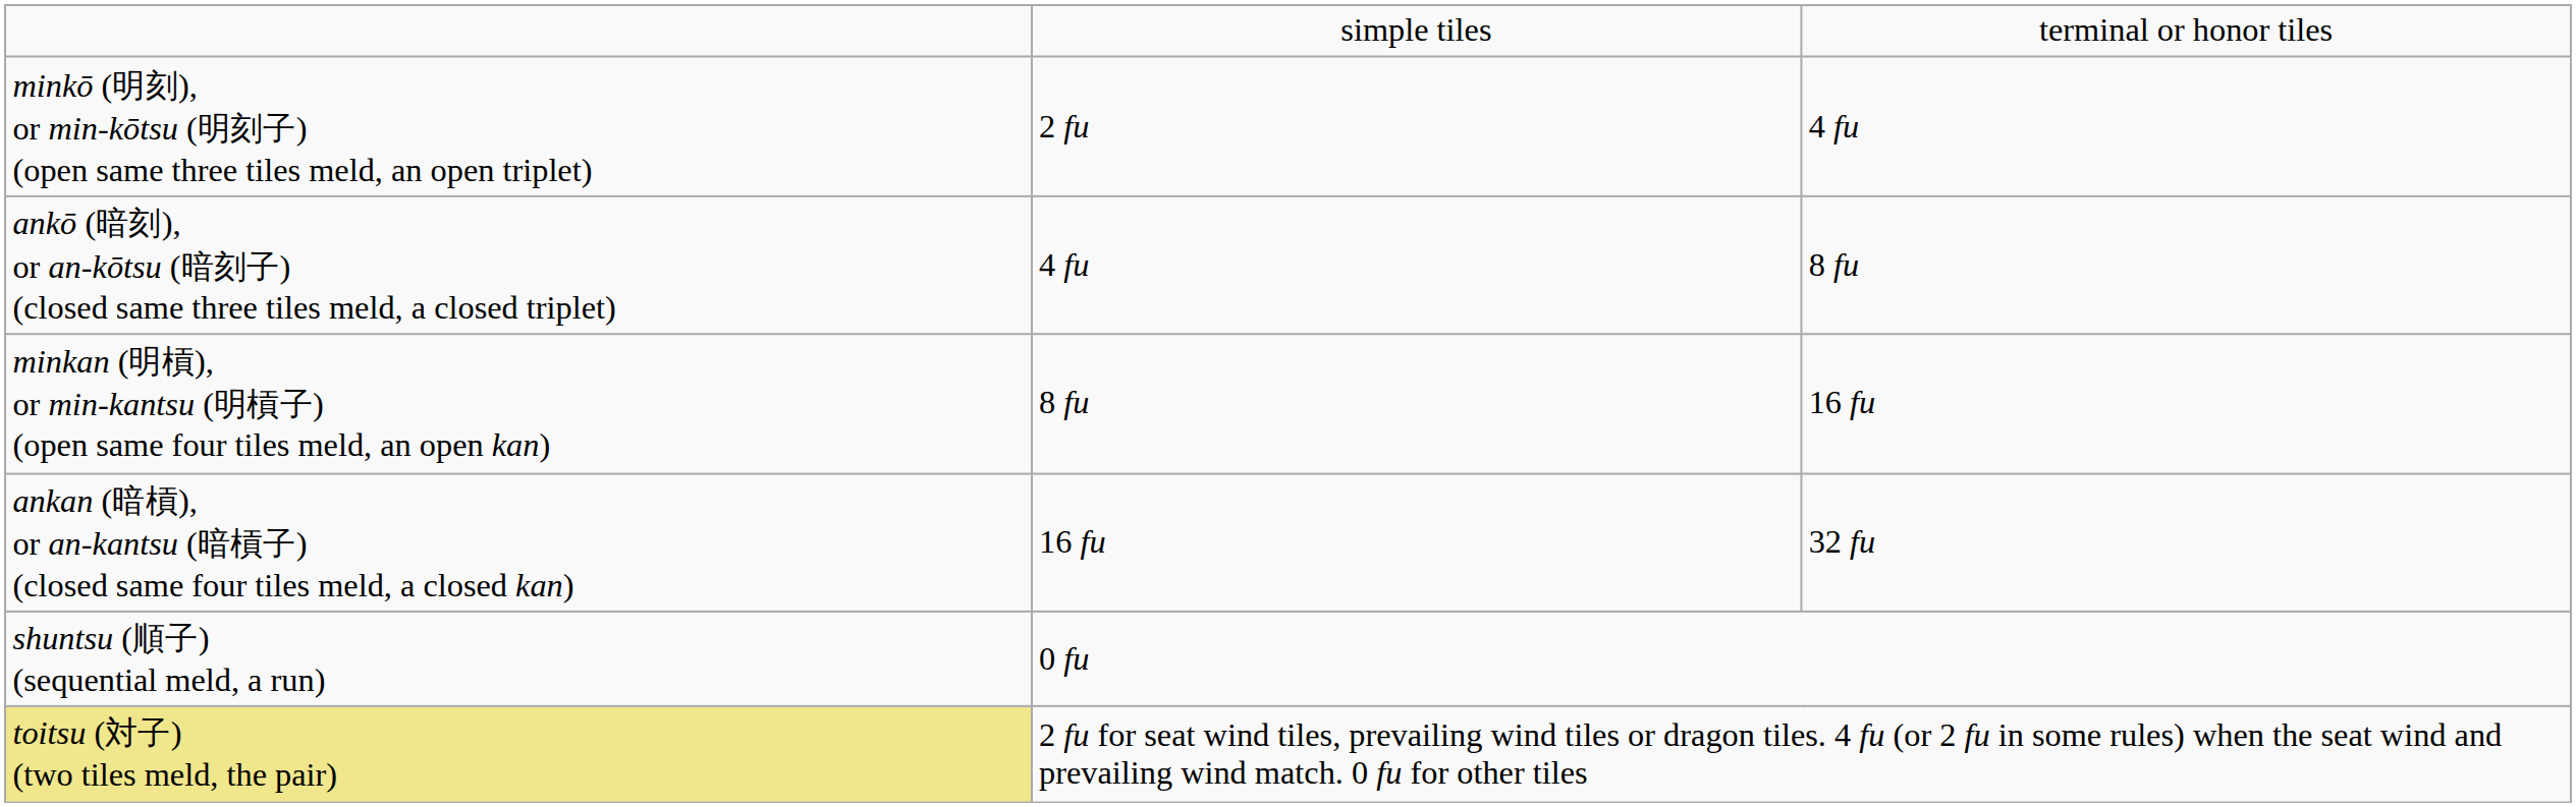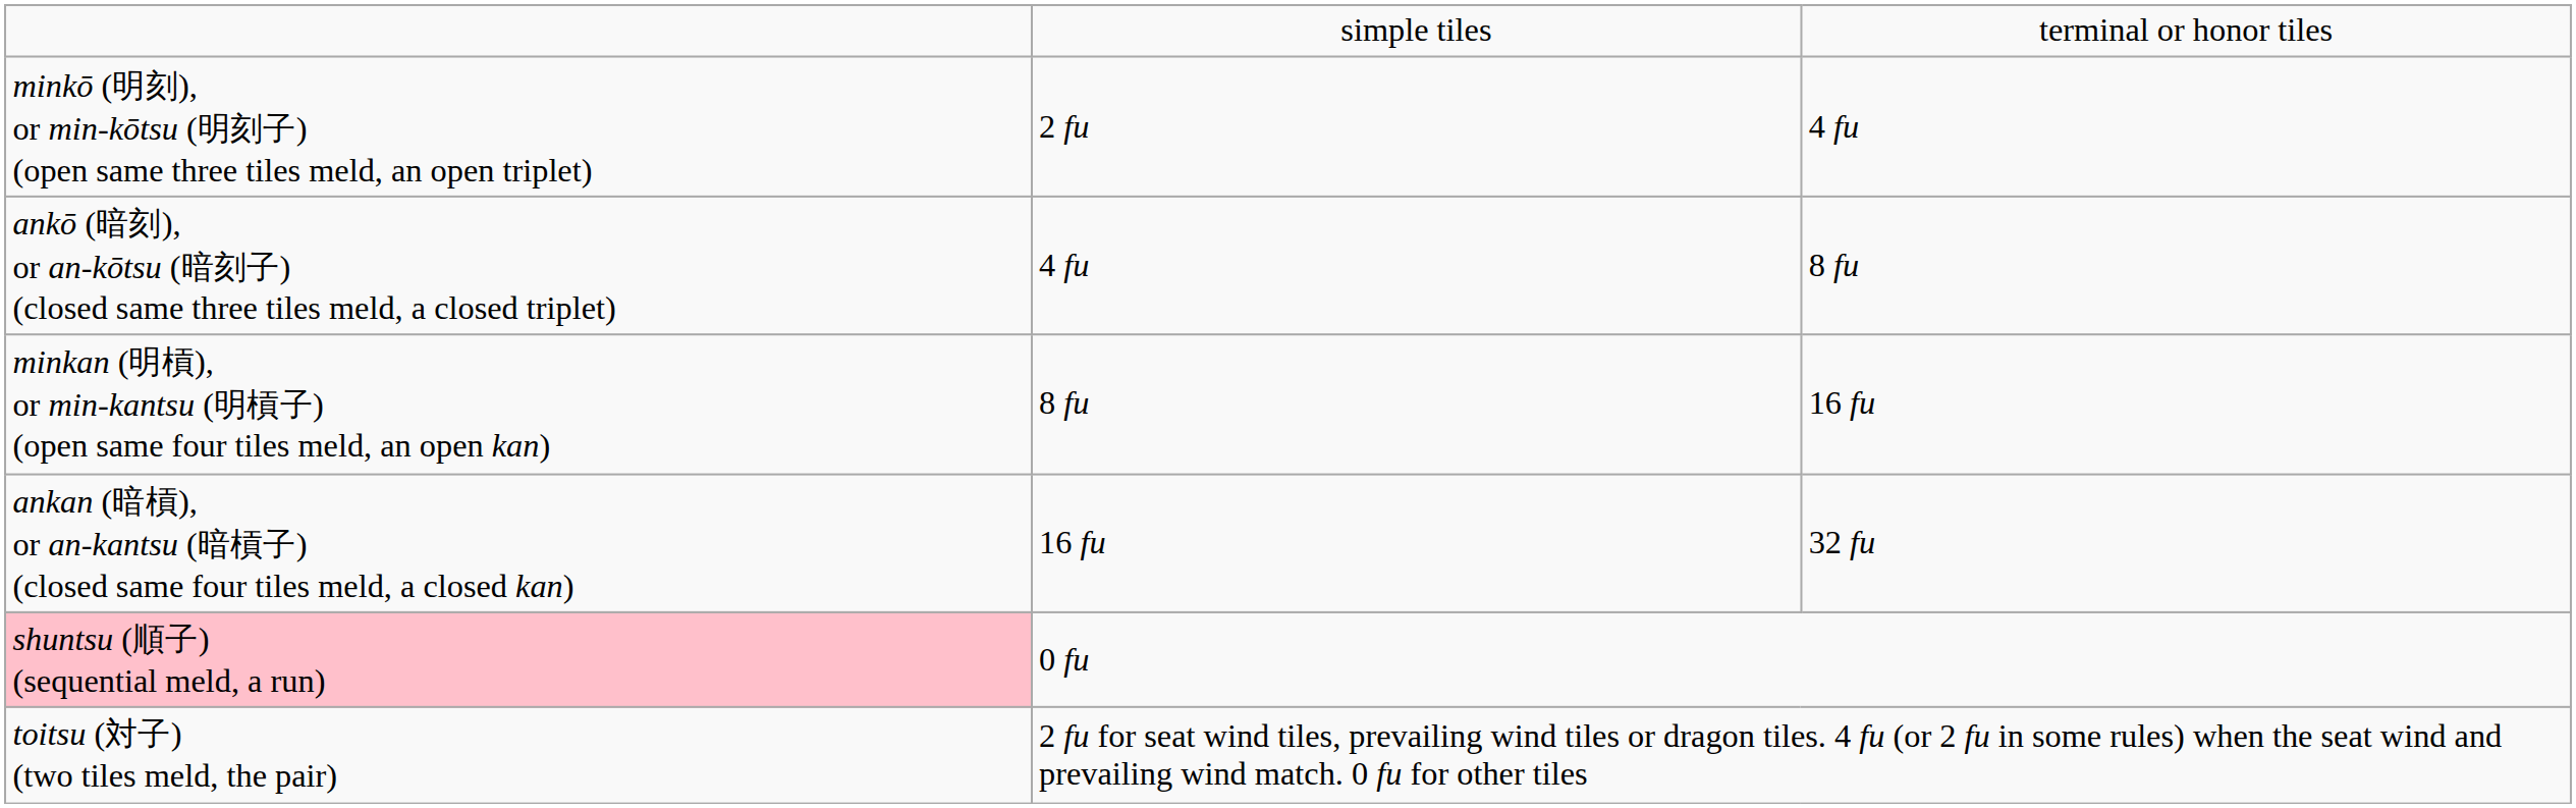 <table class="wikitable" border="1">
 <tr align="center">
 <td width="40%"></td>
 <td width="30%">simple tiles</td>
 <td width="30%">terminal or honor tiles</td>
 </tr>
 <tr>
 <td><em>minkō</em> (明刻),<br>or <em>min-kōtsu</em> (明刻子)<br>(open same three tiles meld, an open triplet)</td>
 <td>2 <em>fu</em></td>
 <td>4 <em>fu</em></td>
 </tr>
 <tr>
 <td><em>ankō</em> (暗刻),<br>or <em>an-kōtsu</em> (暗刻子)<br>(closed same three tiles meld, a closed triplet)</td>
 <td>4 <em>fu</em></td>
 <td>8 <em>fu</em></td>
 </tr>
 <tr>
 <td><em>minkan</em> (明槓),<br>or <em>min-kantsu</em> (明槓子)<br>(open same four tiles meld, an open <em>kan</em>)</td>
 <td>8 <em>fu</em></td>
 <td>16 <em>fu</em></td>
 </tr>
 <tr>
 <td><em>ankan</em> (暗槓),<br>or <em>an-kantsu</em> (暗槓子)<br>(closed same four tiles meld, a closed <em>kan</em>)</td>
 <td>16 <em>fu</em></td>
 <td>32 <em>fu</em></td>
 </tr>
 <tr>
-<td><em>shuntsu</em> (順子)<br>(sequential meld, a run)</td>
+<td style="background: pink;"><em>shuntsu</em> (順子)<br>(sequential meld, a run)</td>
 <td colspan=2>0 <em>fu</em></td>
 </tr>
 <tr>
-<td style="background: khaki;"><em>toitsu</em> (対子)<br>(two tiles meld, the pair)</td>
+<td><em>toitsu</em> (対子)<br>(two tiles meld, the pair)</td>
 <td colspan=2>2 <em>fu</em> for seat wind tiles, prevailing wind tiles or dragon tiles. 4 <em>fu</em> (or 2 <em>fu</em> in some rules) when the seat wind and prevailing wind match. 0 <em>fu</em> for other tiles</td>
 </tr>
 <tr>
 </tr>
 </table>
